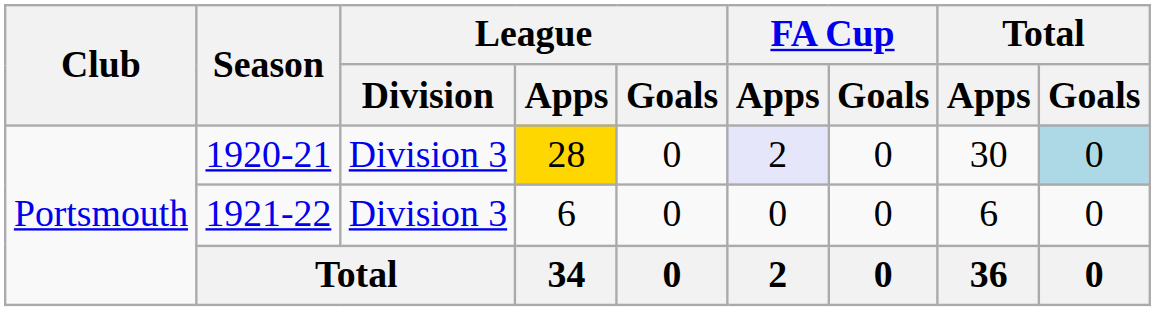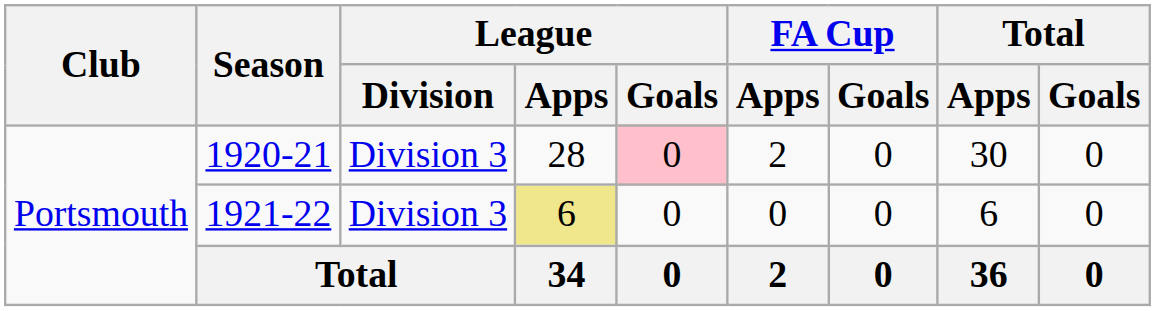 <table class="wikitable" style="text-align:center">
 <tr>
 <th rowspan="2">Club</th>
 <th rowspan="2">Season</th>
 <th colspan="3">League</th>
 <th colspan="2"><a href='#'>FA Cup</a></th>
 <th colspan="2">Total</th>
 </tr>
 <tr>
 <th>Division</th>
 <th>Apps</th>
 <th>Goals</th>
 <th>Apps</th>
 <th>Goals</th>
 <th>Apps</th>
 <th>Goals</th>
 </tr>
 <tr>
 <td rowspan="3"><a href='#'>Portsmouth</a></td>
 <td><a href='#'>1920-21</a></td>
 <td><a href='#'>Division 3</a></td>
-<td style="background: gold;">28</td>
-<td>0</td>
-<td style="background: lavender;">2</td>
+<td>28</td>
+<td style="background: pink;">0</td>
+<td>2</td>
 <td>0</td>
 <td>30</td>
-<td style="background: lightblue;">0</td>
+<td>0</td>
 </tr>
 <tr>
 <td><a href='#'>1921-22</a></td>
 <td><a href='#'>Division 3</a></td>
-<td>6</td>
+<td style="background: khaki;">6</td>
 <td>0</td>
 <td>0</td>
 <td>0</td>
 <td>6</td>
 <td>0</td>
 </tr>
 <tr>
 <th colspan="2">Total</th>
 <th>34</th>
 <th>0</th>
 <th>2</th>
 <th>0</th>
 <th>36</th>
 <th>0</th>
 </tr>
 </table>
